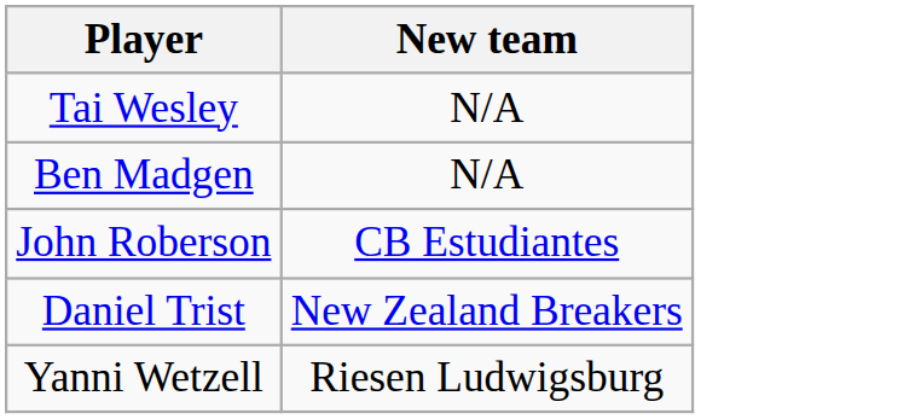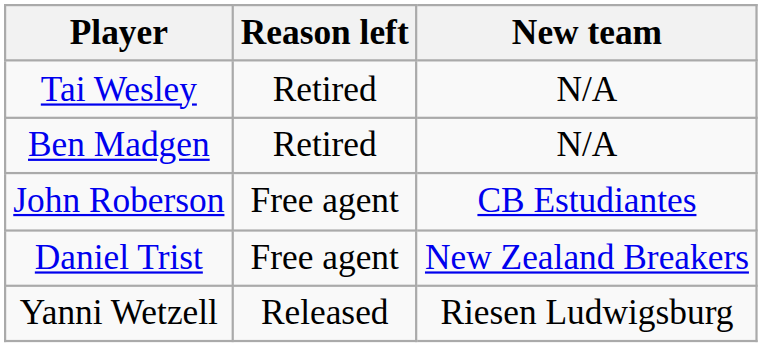 <table class="wikitable sortable sortable" style="text-align: center">
 <tr>
 <th>Player</th>
+<th>Reason left</th>
 <th>New team</th>
 </tr>
 <tr>
 <td><a href='#'>Tai Wesley</a></td>
+<td>Retired</td>
 <td>N/A</td>
 </tr>
 <tr>
 <td><a href='#'>Ben Madgen</a></td>
+<td>Retired</td>
 <td>N/A</td>
 </tr>
 <tr>
 <td><a href='#'>John Roberson</a></td>
+<td>Free agent</td>
 <td><a href='#'>CB Estudiantes</a></td>
 </tr>
 <tr>
 <td><a href='#'>Daniel Trist</a></td>
+<td>Free agent</td>
 <td><a href='#'>New Zealand Breakers</a></td>
 </tr>
 <tr>
 <td>Yanni Wetzell</td>
+<td>Released</td>
 <td>Riesen Ludwigsburg</td>
 </tr>
 </table>
